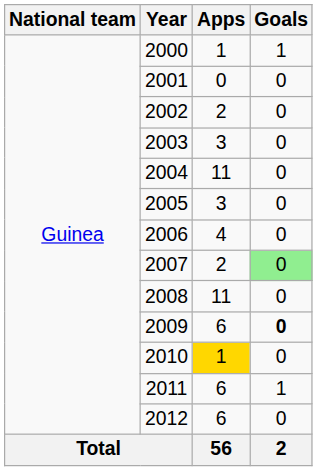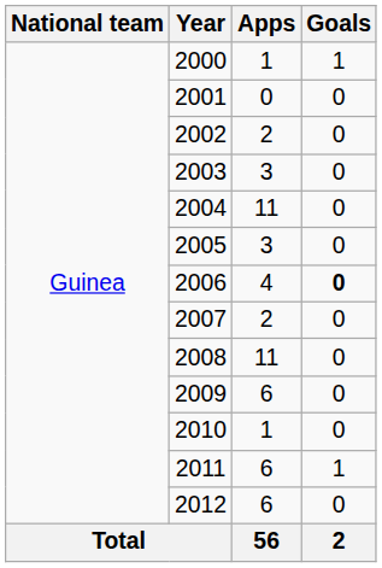 <table class="wikitable" style="text-align:center">
 <tr>
 <th>National team</th>
 <th>Year</th>
 <th>Apps</th>
 <th>Goals</th>
 </tr>
 <tr>
 <td rowspan="13"><a href='#'>Guinea</a></td>
 <td>2000</td>
 <td>1</td>
 <td>1</td>
 </tr>
 <tr>
 <td>2001</td>
 <td>0</td>
 <td>0</td>
 </tr>
 <tr>
 <td>2002</td>
 <td>2</td>
 <td>0</td>
 </tr>
 <tr>
 <td>2003</td>
 <td>3</td>
 <td>0</td>
 </tr>
 <tr>
 <td>2004</td>
 <td>11</td>
 <td>0</td>
 </tr>
 <tr>
 <td>2005</td>
 <td>3</td>
 <td>0</td>
 </tr>
 <tr>
 <td>2006</td>
 <td>4</td>
-<td>0</td>
+<td><strong>0</strong></td>
 </tr>
 <tr>
 <td>2007</td>
 <td>2</td>
-<td style="background: lightgreen;">0</td>
+<td>0</td>
 </tr>
 <tr>
 <td>2008</td>
 <td>11</td>
 <td>0</td>
 </tr>
 <tr>
 <td>2009</td>
 <td>6</td>
-<td><strong>0</strong></td>
+<td>0</td>
 </tr>
 <tr>
 <td>2010</td>
-<td style="background: gold;">1</td>
+<td>1</td>
 <td>0</td>
 </tr>
 <tr>
 <td>2011</td>
 <td>6</td>
 <td>1</td>
 </tr>
 <tr>
 <td>2012</td>
 <td>6</td>
 <td>0</td>
 </tr>
 <tr>
 <th colspan="2">Total</th>
 <th>56</th>
 <th>2</th>
 </tr>
 </table>
